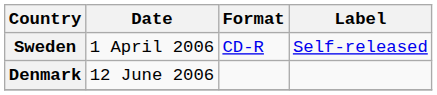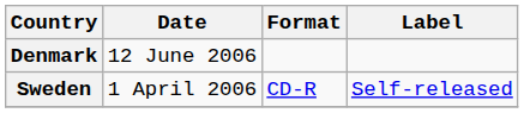 <table class="wikitable plainrowheaders">
 <tr>
 <th scope="col">Country</th>
 <th>Date</th>
 <th>Format</th>
 <th>Label</th>
 </tr>
 <tr>
+<th scope="row">Denmark</th>
+<td>12 June 2006</td>
+<td></td>
+<td></td>
+</tr>
+<tr>
 <th scope="row">Sweden</th>
 <td>1 April 2006</td>
 <td><a href='#'>CD-R</a></td>
 <td><a href='#'>Self-released</a></td>
 </tr>
 <tr>
-<th scope="row">Denmark</th>
-<td>12 June 2006</td>
-<td></td>
-<td></td>
-</tr>
-<tr>
 </tr>
 </table>
